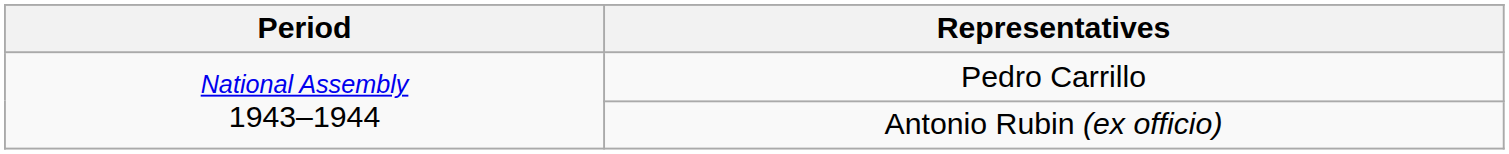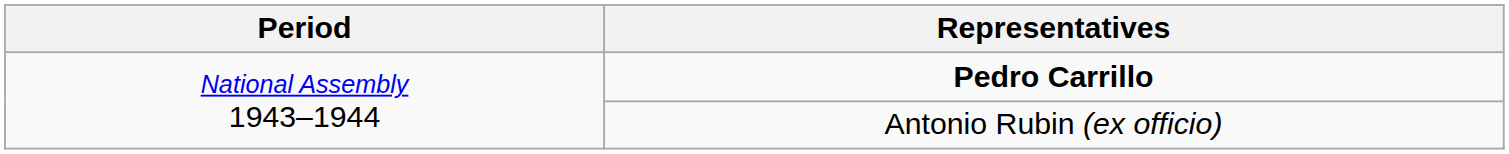 <table class="wikitable" style="text-align:center; width:40%;">
 <tr>
 <th width="40%">Period</th>
 <th>Representatives</th>
 </tr>
 <tr>
 <td rowspan="2"><small><a href='#'><em>National Assembly</em></a></small><br>1943–1944</td>
-<td>Pedro Carrillo</td>
+<td><strong>Pedro Carrillo</strong></td>
 </tr>
 <tr>
 <td>Antonio Rubin <em>(ex officio)</em></td>
 </tr>
 </table>
